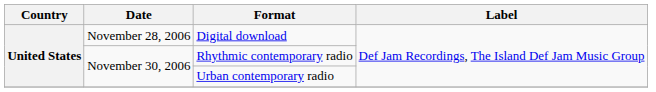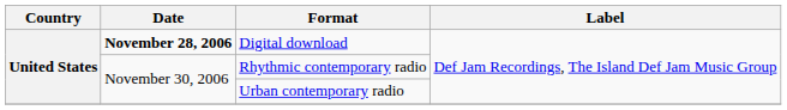 <table class="wikitable plainrowheaders">
 <tr>
 <th scope="col">Country</th>
 <th scope="col">Date</th>
 <th scope="col">Format</th>
 <th scope="col">Label</th>
 </tr>
 <tr>
 <th scope="row" rowspan="3">United States</th>
-<td>November 28, 2006</td>
+<td><strong>November 28, 2006</strong></td>
 <td><a href='#'>Digital download</a></td>
 <td rowspan="3"><a href='#'>Def Jam Recordings</a>, <a href='#'>The Island Def Jam Music Group</a></td>
 </tr>
 <tr>
 <td rowspan="2">November 30, 2006</td>
 <td><a href='#'>Rhythmic contemporary</a> radio</td>
 </tr>
 <tr>
 <td><a href='#'>Urban contemporary</a> radio</td>
 </tr>
 <tr>
 </tr>
 </table>
